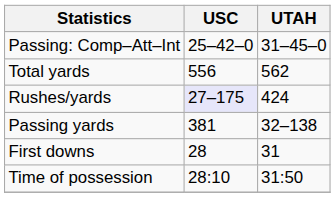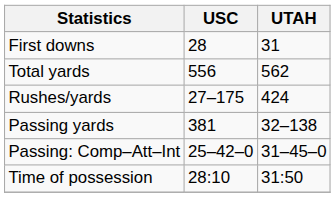 <table class="wikitable" style="float: left;">
 <tr>
 <th>Statistics</th>
 <th>USC</th>
 <th>UTAH</th>
 </tr>
 <tr>
-<td>Passing: Comp–Att–Int</td>
-<td>25–42–0</td>
-<td>31–45–0</td>
+<td>First downs</td>
+<td>28</td>
+<td>31</td>
 </tr>
 <tr>
 <td>Total yards</td>
 <td>556</td>
 <td>562</td>
 </tr>
 <tr>
 <td>Rushes/yards</td>
-<td style="background: lavender;">27–175</td>
+<td>27–175</td>
 <td>424</td>
 </tr>
 <tr>
 <td>Passing yards</td>
 <td>381</td>
 <td>32–138</td>
 </tr>
 <tr>
-<td>First downs</td>
-<td>28</td>
-<td>31</td>
+<td>Passing: Comp–Att–Int</td>
+<td>25–42–0</td>
+<td>31–45–0</td>
 </tr>
 <tr>
 <td>Time of possession</td>
 <td>28:10</td>
 <td>31:50</td>
 </tr>
 <tr>
 </tr>
 </table>
